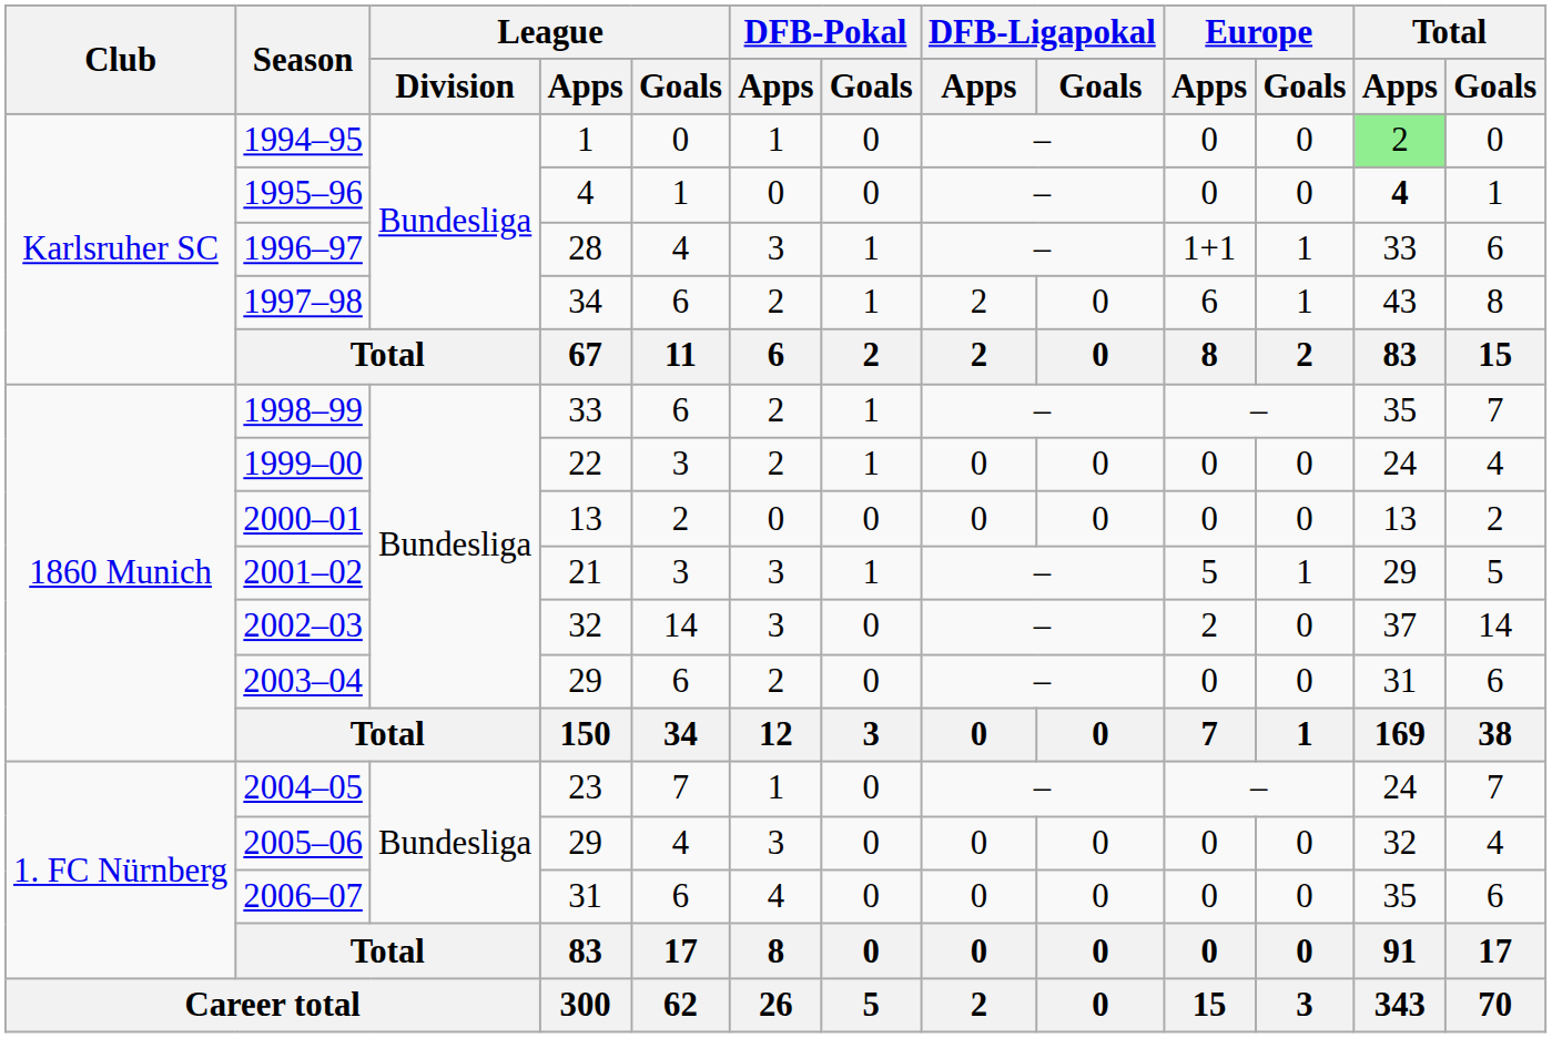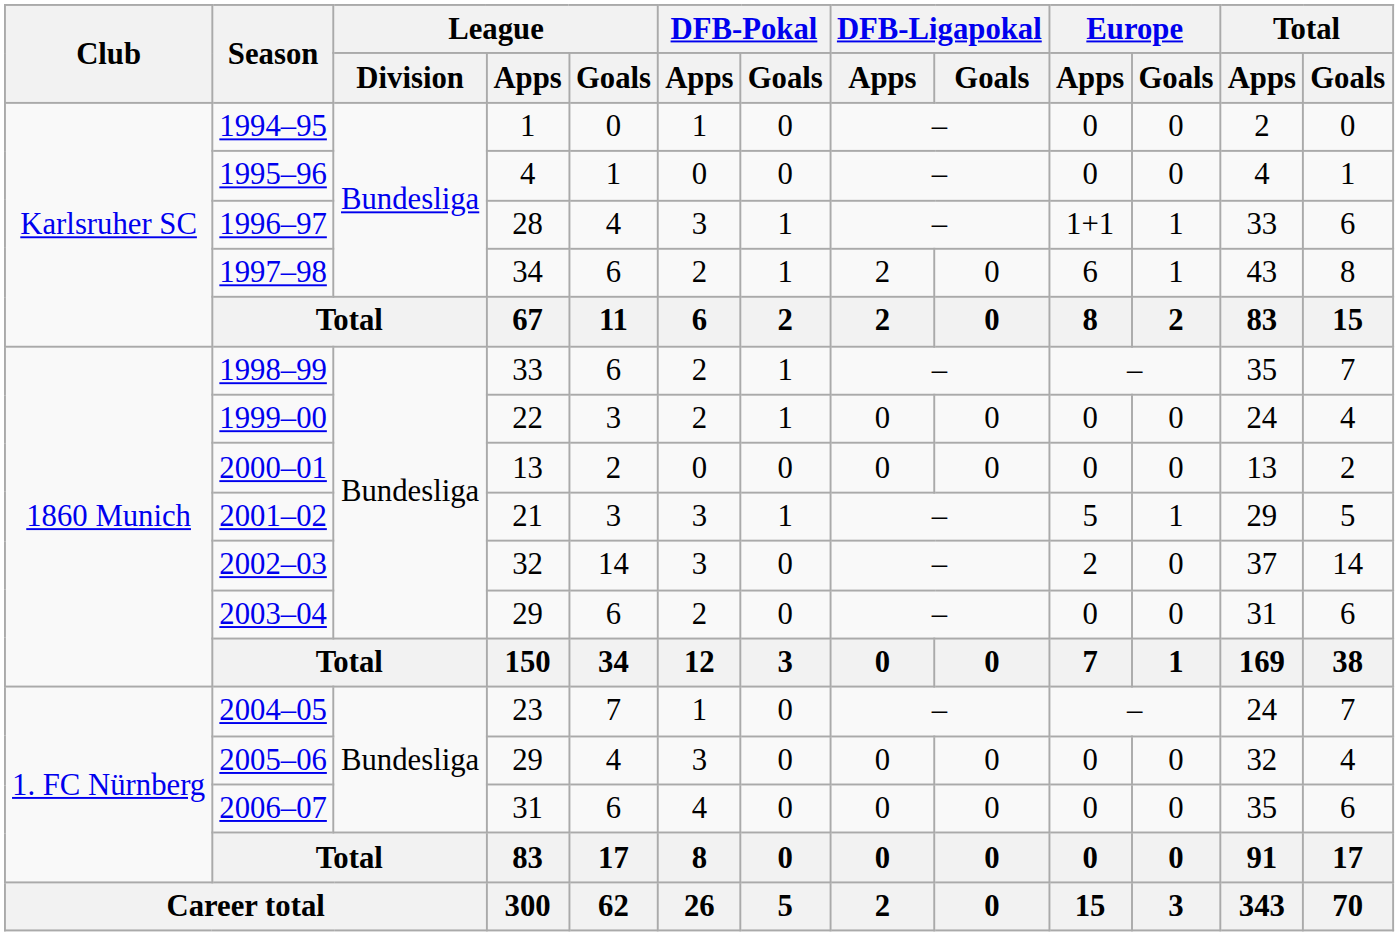 <table class="wikitable" style="text-align:center">
 <tr>
 <th rowspan="2">Club</th>
 <th rowspan="2">Season</th>
 <th colspan="3">League</th>
 <th colspan="2"><a href='#'>DFB-Pokal</a></th>
 <th colspan="2"><a href='#'>DFB-Ligapokal</a></th>
 <th colspan="2"><a href='#'>Europe</a></th>
 <th colspan="2">Total</th>
 </tr>
 <tr>
 <th>Division</th>
 <th>Apps</th>
 <th>Goals</th>
 <th>Apps</th>
 <th>Goals</th>
 <th>Apps</th>
 <th>Goals</th>
 <th>Apps</th>
 <th>Goals</th>
 <th>Apps</th>
 <th>Goals</th>
 </tr>
 <tr>
 <td rowspan="5"><a href='#'>Karlsruher SC</a></td>
 <td><a href='#'>1994–95</a></td>
 <td rowspan="4"><a href='#'>Bundesliga</a></td>
 <td>1</td>
 <td>0</td>
 <td>1</td>
 <td>0</td>
 <td colspan="2">–</td>
 <td>0</td>
 <td>0</td>
-<td style="background: lightgreen;">2</td>
+<td>2</td>
 <td>0</td>
 </tr>
 <tr>
 <td><a href='#'>1995–96</a></td>
 <td>4</td>
 <td>1</td>
 <td>0</td>
 <td>0</td>
 <td colspan="2">–</td>
 <td>0</td>
 <td>0</td>
-<td><strong>4</strong></td>
+<td>4</td>
 <td>1</td>
 </tr>
 <tr>
 <td><a href='#'>1996–97</a></td>
 <td>28</td>
 <td>4</td>
 <td>3</td>
 <td>1</td>
 <td colspan="2">–</td>
 <td>1+1</td>
 <td>1</td>
 <td>33</td>
 <td>6</td>
 </tr>
 <tr>
 <td><a href='#'>1997–98</a></td>
 <td>34</td>
 <td>6</td>
 <td>2</td>
 <td>1</td>
 <td>2</td>
 <td>0</td>
 <td>6</td>
 <td>1</td>
 <td>43</td>
 <td>8</td>
 </tr>
 <tr>
 <th colspan="2">Total</th>
 <th>67</th>
 <th>11</th>
 <th>6</th>
 <th>2</th>
 <th>2</th>
 <th>0</th>
 <th>8</th>
 <th>2</th>
 <th>83</th>
 <th>15</th>
 </tr>
 <tr>
 <td rowspan="7"><a href='#'>1860 Munich</a></td>
 <td><a href='#'>1998–99</a></td>
 <td rowspan="6">Bundesliga</td>
 <td>33</td>
 <td>6</td>
 <td>2</td>
 <td>1</td>
 <td colspan="2">–</td>
 <td colspan="2">–</td>
 <td>35</td>
 <td>7</td>
 </tr>
 <tr>
 <td><a href='#'>1999–00</a></td>
 <td>22</td>
 <td>3</td>
 <td>2</td>
 <td>1</td>
 <td>0</td>
 <td>0</td>
 <td>0</td>
 <td>0</td>
 <td>24</td>
 <td>4</td>
 </tr>
 <tr>
 <td><a href='#'>2000–01</a></td>
 <td>13</td>
 <td>2</td>
 <td>0</td>
 <td>0</td>
 <td>0</td>
 <td>0</td>
 <td>0</td>
 <td>0</td>
 <td>13</td>
 <td>2</td>
 </tr>
 <tr>
 <td><a href='#'>2001–02</a></td>
 <td>21</td>
 <td>3</td>
 <td>3</td>
 <td>1</td>
 <td colspan="2">–</td>
 <td>5</td>
 <td>1</td>
 <td>29</td>
 <td>5</td>
 </tr>
 <tr>
 <td><a href='#'>2002–03</a></td>
 <td>32</td>
 <td>14</td>
 <td>3</td>
 <td>0</td>
 <td colspan="2">–</td>
 <td>2</td>
 <td>0</td>
 <td>37</td>
 <td>14</td>
 </tr>
 <tr>
 <td><a href='#'>2003–04</a></td>
 <td>29</td>
 <td>6</td>
 <td>2</td>
 <td>0</td>
 <td colspan="2">–</td>
 <td>0</td>
 <td>0</td>
 <td>31</td>
 <td>6</td>
 </tr>
 <tr>
 <th colspan="2">Total</th>
 <th>150</th>
 <th>34</th>
 <th>12</th>
 <th>3</th>
 <th>0</th>
 <th>0</th>
 <th>7</th>
 <th>1</th>
 <th>169</th>
 <th>38</th>
 </tr>
 <tr>
 <td rowspan="4"><a href='#'>1. FC Nürnberg</a></td>
 <td><a href='#'>2004–05</a></td>
 <td rowspan="3">Bundesliga</td>
 <td>23</td>
 <td>7</td>
 <td>1</td>
 <td>0</td>
 <td colspan="2">–</td>
 <td colspan="2">–</td>
 <td>24</td>
 <td>7</td>
 </tr>
 <tr>
 <td><a href='#'>2005–06</a></td>
 <td>29</td>
 <td>4</td>
 <td>3</td>
 <td>0</td>
 <td>0</td>
 <td>0</td>
 <td>0</td>
 <td>0</td>
 <td>32</td>
 <td>4</td>
 </tr>
 <tr>
 <td><a href='#'>2006–07</a></td>
 <td>31</td>
 <td>6</td>
 <td>4</td>
 <td>0</td>
 <td>0</td>
 <td>0</td>
 <td>0</td>
 <td>0</td>
 <td>35</td>
 <td>6</td>
 </tr>
 <tr>
 <th colspan="2">Total</th>
 <th>83</th>
 <th>17</th>
 <th>8</th>
 <th>0</th>
 <th>0</th>
 <th>0</th>
 <th>0</th>
 <th>0</th>
 <th>91</th>
 <th>17</th>
 </tr>
 <tr>
 <th colspan="3">Career total</th>
 <th>300</th>
 <th>62</th>
 <th>26</th>
 <th>5</th>
 <th>2</th>
 <th>0</th>
 <th>15</th>
 <th>3</th>
 <th>343</th>
 <th>70</th>
 </tr>
 </table>
